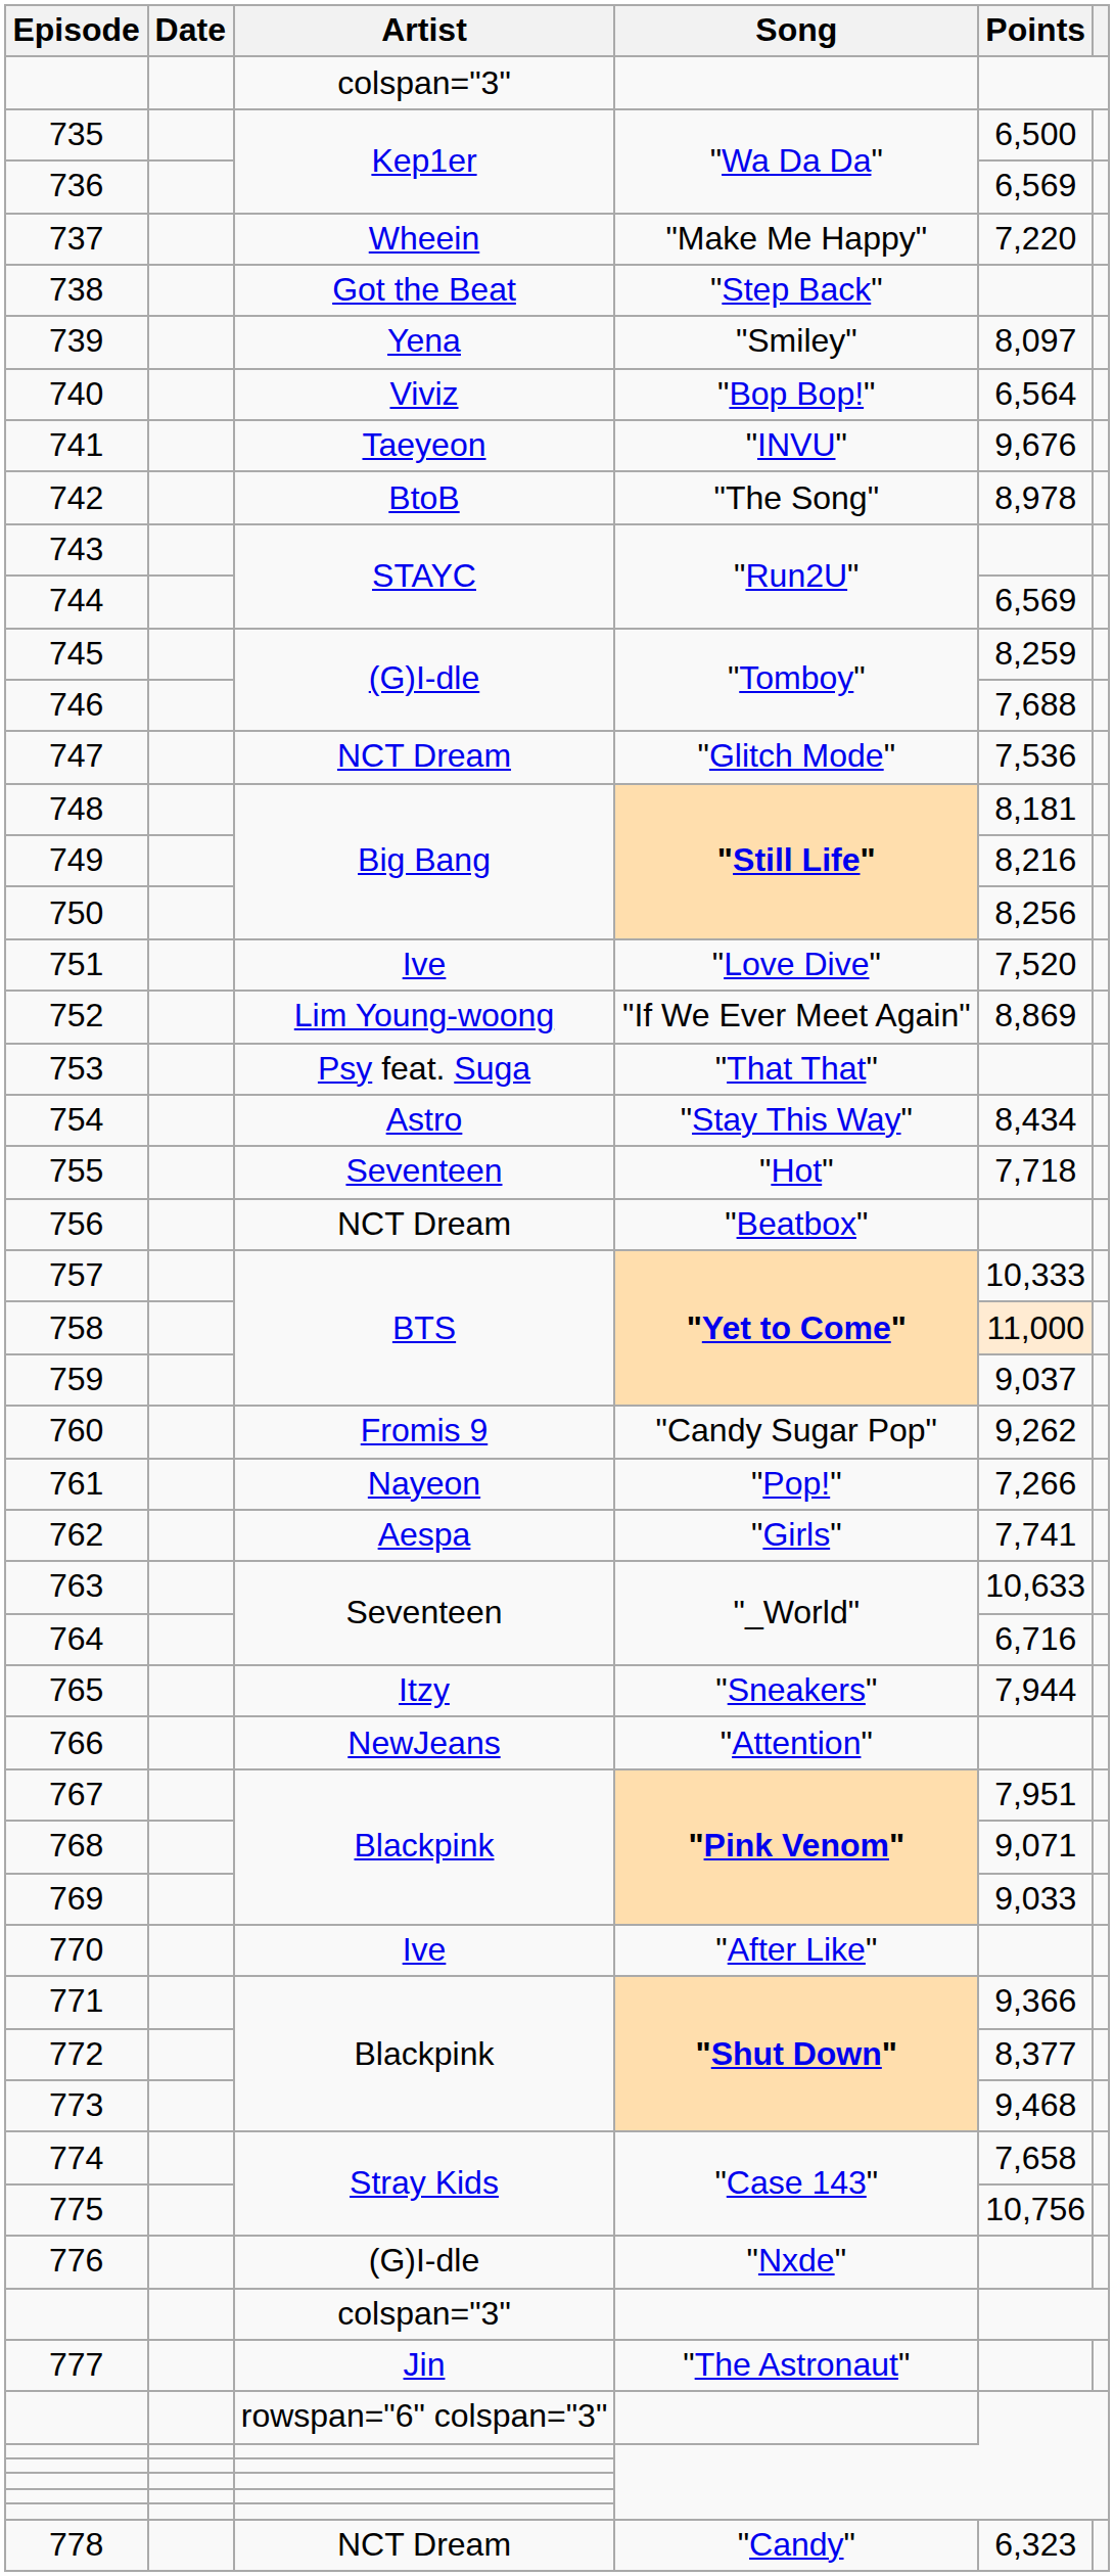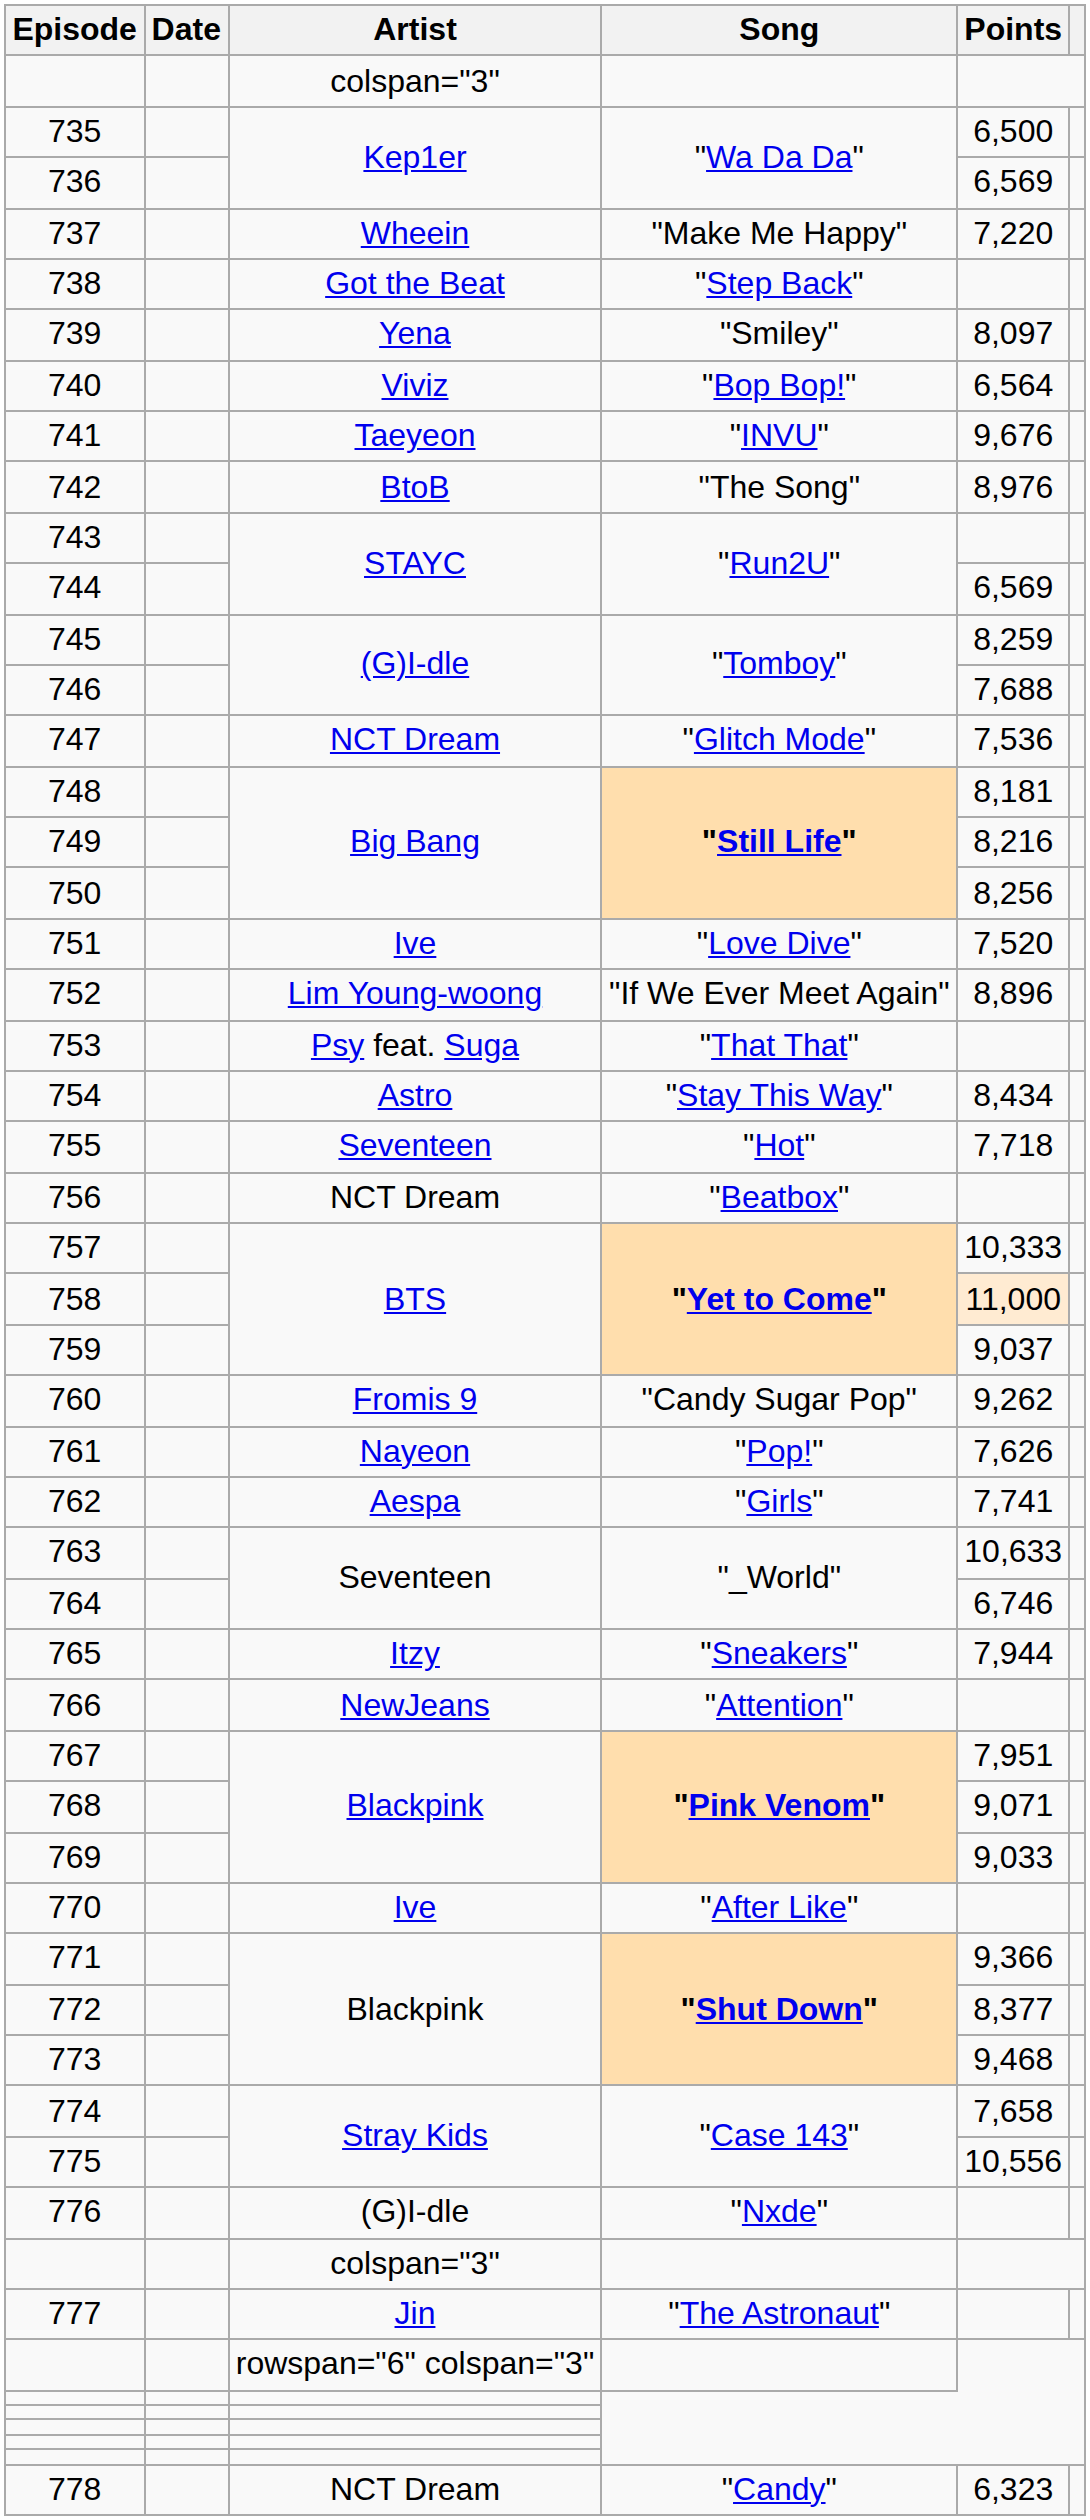 <table class="wikitable sortable" style=text-align:center>
 <tr>
 <th>Episode</th>
 <th>Date</th>
 <th>Artist</th>
 <th>Song</th>
 <th>Points</th>
 <th class="unsortable"></th>
 </tr>
 <tr>
 <td></td>
 <td></td>
 <td>colspan="3" </td>
 <td></td>
 </tr>
 <tr>
 <td>735</td>
 <td></td>
 <td rowspan="2"><a href='#'>Kep1er</a></td>
 <td rowspan="2">"<a href='#'>Wa Da Da</a>"</td>
 <td>6,500</td>
 <td></td>
 </tr>
 <tr>
 <td>736</td>
 <td></td>
 <td>6,569</td>
 <td></td>
 </tr>
 <tr>
 <td>737</td>
 <td></td>
 <td><a href='#'>Wheein</a></td>
 <td>"Make Me Happy"</td>
 <td>7,220</td>
 <td></td>
 </tr>
 <tr>
 <td>738</td>
 <td></td>
 <td><a href='#'>Got the Beat</a></td>
 <td>"<a href='#'>Step Back</a>"</td>
 <td></td>
 <td></td>
 </tr>
 <tr>
 <td>739</td>
 <td></td>
 <td><a href='#'>Yena</a></td>
 <td>"Smiley"</td>
 <td>8,097</td>
 <td></td>
 </tr>
 <tr>
 <td>740</td>
 <td></td>
 <td><a href='#'>Viviz</a></td>
 <td>"<a href='#'>Bop Bop!</a>"</td>
 <td>6,564</td>
 <td></td>
 </tr>
 <tr>
 <td>741</td>
 <td></td>
 <td><a href='#'>Taeyeon</a></td>
 <td>"<a href='#'>INVU</a>"</td>
 <td>9,676</td>
 <td></td>
 </tr>
 <tr>
 <td>742</td>
 <td></td>
 <td><a href='#'>BtoB</a></td>
 <td>"The Song"</td>
-<td>8,978</td>
+<td>8,976</td>
 <td></td>
 </tr>
 <tr>
 <td>743</td>
 <td></td>
 <td rowspan="2"><a href='#'>STAYC</a></td>
 <td rowspan="2">"<a href='#'>Run2U</a>"</td>
 <td></td>
 <td></td>
 </tr>
 <tr>
 <td>744</td>
 <td></td>
 <td>6,569</td>
 <td></td>
 </tr>
 <tr>
 <td>745</td>
 <td></td>
 <td rowspan="2"><a href='#'>(G)I-dle</a></td>
 <td rowspan="2">"<a href='#'>Tomboy</a>"</td>
 <td>8,259</td>
 <td></td>
 </tr>
 <tr>
 <td>746</td>
 <td></td>
 <td>7,688</td>
 <td></td>
 </tr>
 <tr>
 <td>747</td>
 <td></td>
 <td><a href='#'>NCT Dream</a></td>
 <td>"<a href='#'>Glitch Mode</a>"</td>
 <td>7,536</td>
 <td></td>
 </tr>
 <tr>
 <td>748</td>
 <td></td>
 <td rowspan="3"><a href='#'>Big Bang</a></td>
 <td style="font-weight: bold; background: navajowhite;" rowspan="3">"<a href='#'>Still Life</a>"</td>
 <td>8,181</td>
 <td></td>
 </tr>
 <tr>
 <td>749</td>
 <td></td>
 <td>8,216</td>
 <td></td>
 </tr>
 <tr>
 <td>750</td>
 <td></td>
 <td>8,256</td>
 <td></td>
 </tr>
 <tr>
 <td>751</td>
 <td></td>
 <td><a href='#'>Ive</a></td>
 <td>"<a href='#'>Love Dive</a>"</td>
 <td>7,520</td>
 <td></td>
 </tr>
 <tr>
 <td>752</td>
 <td></td>
 <td><a href='#'>Lim Young-woong</a></td>
 <td>"If We Ever Meet Again"</td>
-<td>8,869</td>
+<td>8,896</td>
 <td></td>
 </tr>
 <tr>
 <td>753</td>
 <td></td>
 <td><a href='#'>Psy</a> feat. <a href='#'>Suga</a></td>
 <td>"<a href='#'>That That</a>"</td>
 <td></td>
 <td></td>
 </tr>
 <tr>
 <td>754</td>
 <td></td>
 <td><a href='#'>Astro</a></td>
 <td>"<a href='#'>Stay This Way</a>"</td>
 <td>8,434</td>
 <td></td>
 </tr>
 <tr>
 <td>755</td>
 <td></td>
 <td><a href='#'>Seventeen</a></td>
 <td>"<a href='#'>Hot</a>"</td>
 <td>7,718</td>
 <td></td>
 </tr>
 <tr>
 <td>756</td>
 <td></td>
 <td>NCT Dream</td>
 <td>"<a href='#'>Beatbox</a>"</td>
 <td></td>
 <td></td>
 </tr>
 <tr>
 <td>757</td>
 <td></td>
 <td rowspan="3"><a href='#'>BTS</a></td>
 <td style="font-weight: bold; background: navajowhite;" rowspan="3">"<a href='#'>Yet to Come</a>"</td>
 <td>10,333</td>
 <td></td>
 </tr>
 <tr>
 <td>758</td>
 <td></td>
 <td style="background: #ffebd2;">11,000</td>
 <td></td>
 </tr>
 <tr>
 <td>759</td>
 <td></td>
 <td>9,037</td>
 <td></td>
 </tr>
 <tr>
 <td>760</td>
 <td></td>
 <td><a href='#'>Fromis 9</a></td>
 <td>"Candy Sugar Pop"</td>
 <td>9,262</td>
 <td></td>
 </tr>
 <tr>
 <td>761</td>
 <td></td>
 <td><a href='#'>Nayeon</a></td>
 <td>"<a href='#'>Pop!</a>"</td>
-<td>7,266</td>
+<td>7,626</td>
 <td></td>
 </tr>
 <tr>
 <td>762</td>
 <td></td>
 <td><a href='#'>Aespa</a></td>
 <td>"<a href='#'>Girls</a>"</td>
 <td>7,741</td>
 <td></td>
 </tr>
 <tr>
 <td>763</td>
 <td></td>
 <td rowspan="2">Seventeen</td>
 <td rowspan="2">"_World"</td>
 <td>10,633</td>
 <td></td>
 </tr>
 <tr>
 <td>764</td>
 <td></td>
-<td>6,716</td>
+<td>6,746</td>
 <td></td>
 </tr>
 <tr>
 <td>765</td>
 <td></td>
 <td><a href='#'>Itzy</a></td>
 <td>"<a href='#'>Sneakers</a>"</td>
 <td>7,944</td>
 <td></td>
 </tr>
 <tr>
 <td>766</td>
 <td></td>
 <td><a href='#'>NewJeans</a></td>
 <td>"<a href='#'>Attention</a>"</td>
 <td></td>
 <td></td>
 </tr>
 <tr>
 <td>767</td>
 <td></td>
 <td rowspan="3"><a href='#'>Blackpink</a></td>
 <td style="font-weight: bold; background: navajowhite;" rowspan="3">"<a href='#'>Pink Venom</a>"</td>
 <td>7,951</td>
 <td></td>
 </tr>
 <tr>
 <td>768</td>
 <td></td>
 <td>9,071</td>
 <td></td>
 </tr>
 <tr>
 <td>769</td>
 <td></td>
 <td>9,033</td>
 <td></td>
 </tr>
 <tr>
 <td>770</td>
 <td></td>
 <td><a href='#'>Ive</a></td>
 <td>"<a href='#'>After Like</a>"</td>
 <td></td>
 <td></td>
 </tr>
 <tr>
 <td>771</td>
 <td></td>
 <td rowspan="3">Blackpink</td>
 <td style="font-weight: bold; background: navajowhite;" rowspan="3">"<a href='#'>Shut Down</a>"</td>
 <td>9,366</td>
 <td></td>
 </tr>
 <tr>
 <td>772</td>
 <td></td>
 <td>8,377</td>
 <td></td>
 </tr>
 <tr>
 <td>773</td>
 <td></td>
 <td>9,468</td>
 <td></td>
 </tr>
 <tr>
 <td>774</td>
 <td></td>
 <td rowspan="2"><a href='#'>Stray Kids</a></td>
 <td rowspan="2">"<a href='#'>Case 143</a>"</td>
 <td>7,658</td>
 <td></td>
 </tr>
 <tr>
 <td>775</td>
 <td></td>
-<td>10,756</td>
+<td>10,556</td>
 <td></td>
 </tr>
 <tr>
 <td>776</td>
 <td></td>
 <td>(G)I-dle</td>
 <td>"<a href='#'>Nxde</a>"</td>
 <td></td>
 <td></td>
 </tr>
 <tr>
 <td></td>
 <td></td>
 <td>colspan="3" </td>
 <td></td>
 </tr>
 <tr>
 <td>777</td>
 <td></td>
 <td><a href='#'>Jin</a></td>
 <td>"<a href='#'>The Astronaut</a>"</td>
 <td></td>
 <td></td>
 </tr>
 <tr>
 <td></td>
 <td></td>
 <td>rowspan="6" colspan="3" </td>
 <td></td>
 </tr>
 <tr>
 <td></td>
 <td></td>
 <td></td>
 </tr>
 <tr>
 <td></td>
 <td></td>
 <td></td>
 </tr>
 <tr>
 <td></td>
 <td></td>
 <td></td>
 </tr>
 <tr>
 <td></td>
 <td></td>
 <td></td>
 </tr>
 <tr>
 <td></td>
 <td></td>
 <td></td>
 </tr>
 <tr>
 <td>778</td>
 <td></td>
 <td>NCT Dream</td>
 <td>"<a href='#'>Candy</a>"</td>
 <td>6,323</td>
 <td></td>
 </tr>
 <tr>
 </tr>
 </table>
